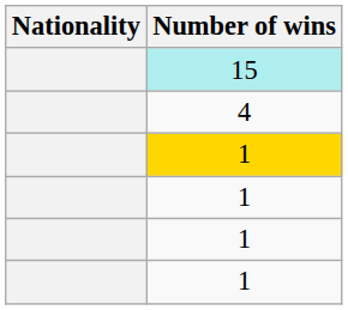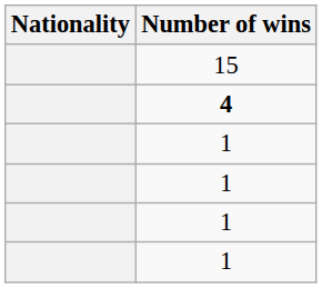 <table class="sortable plainrowheaders wikitable">
 <tr>
 <th scope=col>Nationality</th>
 <th scope=col>Number of wins</th>
 </tr>
 <tr>
 <th scope=row></th>
-<td align=center style="background: paleturquoise;">15</td>
+<td align=center>15</td>
 </tr>
 <tr>
 <th scope=row></th>
-<td align=center>4</td>
+<td align=center><strong>4</strong></td>
 </tr>
 <tr>
 <th scope=row></th>
-<td align=center style="background: gold;">1</td>
+<td align=center>1</td>
 </tr>
 <tr>
 <th scope=row></th>
 <td align=center>1</td>
 </tr>
 <tr>
 <th scope=row></th>
 <td align=center>1</td>
 </tr>
 <tr>
 <th scope=row></th>
 <td align=center>1</td>
 </tr>
 </table>
